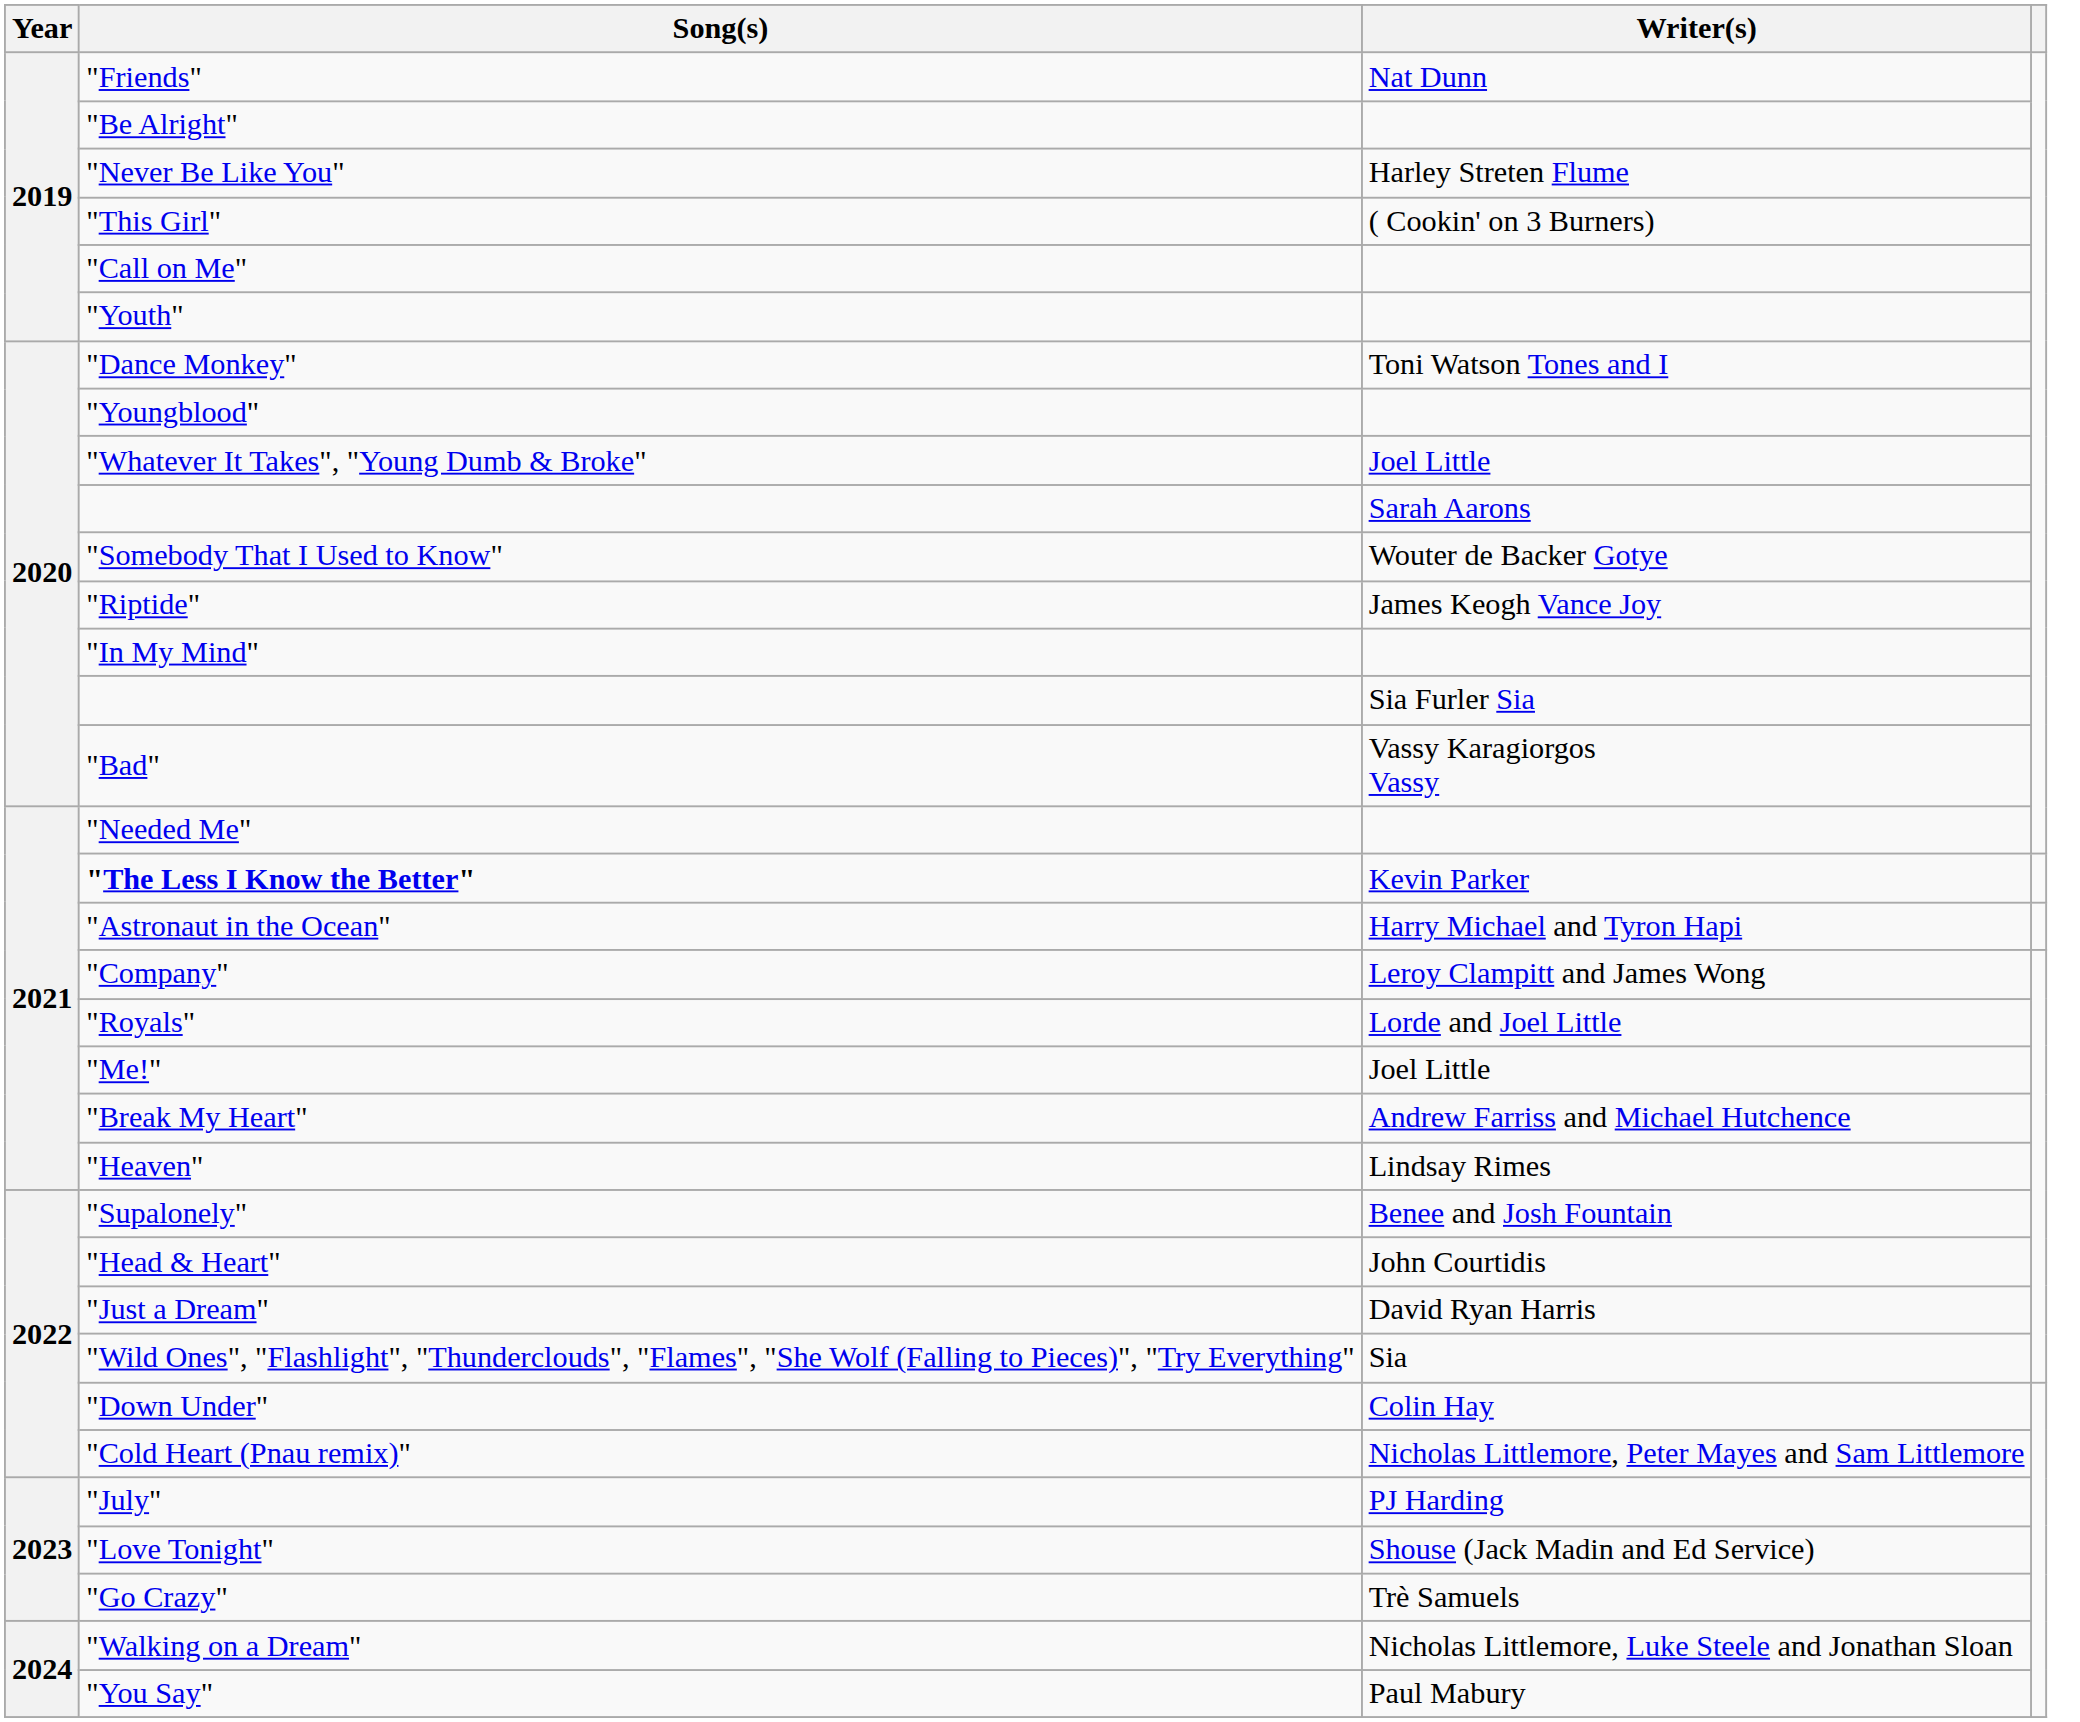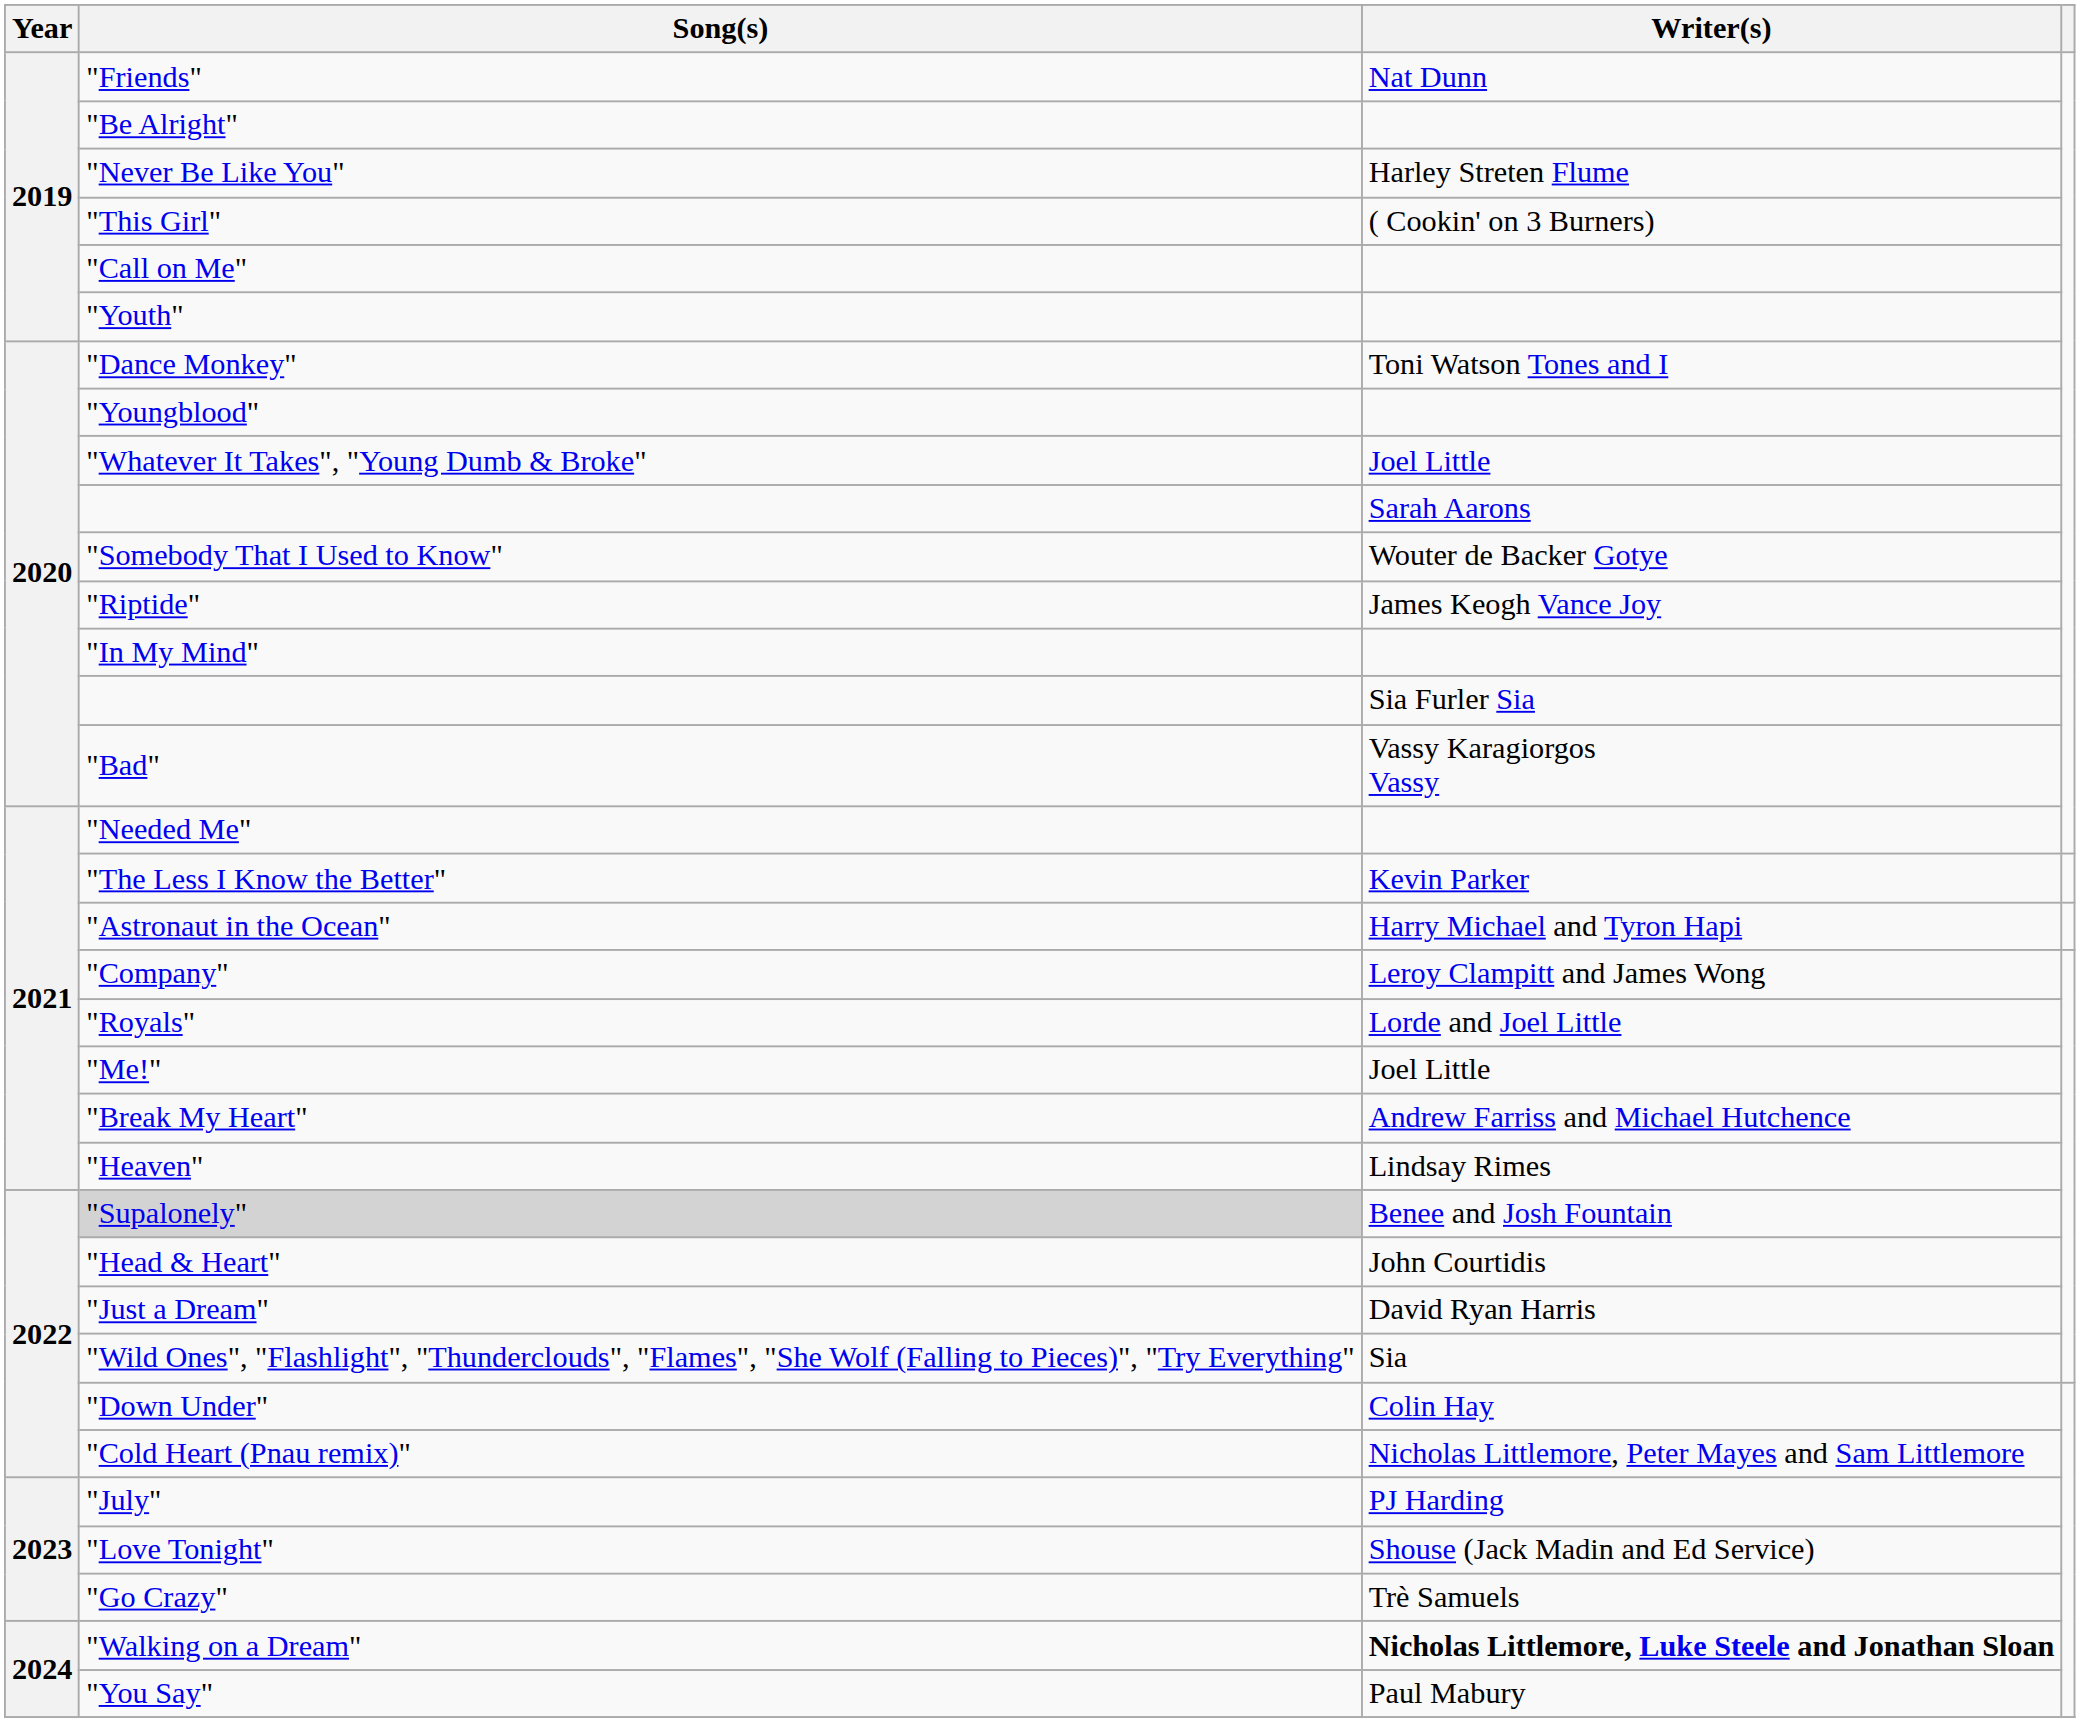 <table class="wikitable sortable">
 <tr>
 <th>Year</th>
 <th>Song(s)</th>
 <th>Writer(s)</th>
 <th class="unsortable"></th>
 </tr>
 <tr>
 <th align="center" rowspan="6">2019</th>
 <td>"<a href='#'>Friends</a>"</td>
 <td><a href='#'>Nat Dunn</a></td>
 <td rowspan="16"></td>
 </tr>
 <tr>
 <td>"<a href='#'>Be Alright</a>"</td>
 <td></td>
 </tr>
 <tr>
 <td>"<a href='#'>Never Be Like You</a>"</td>
 <td>Harley Streten  <a href='#'>Flume</a></td>
 </tr>
 <tr>
 <td>"<a href='#'>This Girl</a>"</td>
 <td> ( Cookin' on 3 Burners)</td>
 </tr>
 <tr>
 <td>"<a href='#'>Call on Me</a>"</td>
 <td></td>
 </tr>
 <tr>
 <td>"<a href='#'>Youth</a>"</td>
 <td></td>
 </tr>
 <tr>
 <th align="center" rowspan="9">2020</th>
 <td>"<a href='#'>Dance Monkey</a>"</td>
 <td>Toni Watson  <a href='#'>Tones and I</a></td>
 </tr>
 <tr>
 <td>"<a href='#'>Youngblood</a>"</td>
 <td></td>
 </tr>
 <tr>
 <td>"<a href='#'>Whatever It Takes</a>", "<a href='#'>Young Dumb & Broke</a>"</td>
 <td><a href='#'>Joel Little</a></td>
 </tr>
 <tr>
 <td></td>
 <td><a href='#'>Sarah Aarons</a></td>
 </tr>
 <tr>
 <td>"<a href='#'>Somebody That I Used to Know</a>"</td>
 <td>Wouter de Backer  <a href='#'>Gotye</a></td>
 </tr>
 <tr>
 <td>"<a href='#'>Riptide</a>"</td>
 <td>James Keogh  <a href='#'>Vance Joy</a></td>
 </tr>
 <tr>
 <td>"<a href='#'>In My Mind</a>"</td>
 <td></td>
 </tr>
 <tr>
 <td></td>
 <td>Sia Furler  <a href='#'>Sia</a></td>
 </tr>
 <tr>
 <td>"<a href='#'>Bad</a>"</td>
 <td>Vassy Karagiorgos<br> <a href='#'>Vassy</a></td>
 </tr>
 <tr>
 <th align="center" rowspan="8">2021</th>
 <td>"<a href='#'>Needed Me</a>"</td>
 <td></td>
 </tr>
 <tr>
-<td><strong>"<a href='#'>The Less I Know the Better</a>"</strong></td>
+<td>"<a href='#'>The Less I Know the Better</a>"</td>
 <td><a href='#'>Kevin Parker</a></td>
 <td></td>
 </tr>
 <tr>
 <td>"<a href='#'>Astronaut in the Ocean</a>"</td>
 <td><a href='#'>Harry Michael</a> and <a href='#'>Tyron Hapi</a></td>
 <td></td>
 </tr>
 <tr>
 <td>"<a href='#'>Company</a>"</td>
 <td><a href='#'>Leroy Clampitt</a> and James Wong</td>
 <td rowspan="9"></td>
 </tr>
 <tr>
 <td>"<a href='#'>Royals</a>"</td>
 <td><a href='#'>Lorde</a> and <a href='#'>Joel Little</a></td>
 </tr>
 <tr>
 <td>"<a href='#'>Me!</a>"</td>
 <td>Joel Little</td>
 </tr>
 <tr>
 <td>"<a href='#'>Break My Heart</a>"</td>
 <td><a href='#'>Andrew Farriss</a> and <a href='#'>Michael Hutchence</a></td>
 </tr>
 <tr>
 <td>"<a href='#'>Heaven</a>"</td>
 <td>Lindsay Rimes</td>
 </tr>
 <tr>
 <th align="center" rowspan="6">2022</th>
-<td>"<a href='#'>Supalonely</a>"</td>
+<td style="background: lightgrey;">"<a href='#'>Supalonely</a>"</td>
 <td><a href='#'>Benee</a> and <a href='#'>Josh Fountain</a></td>
 </tr>
 <tr>
 <td>"<a href='#'>Head & Heart</a>"</td>
 <td>John Courtidis</td>
 </tr>
 <tr>
 <td>"<a href='#'>Just a Dream</a>"</td>
 <td>David Ryan Harris</td>
 </tr>
 <tr>
 <td>"<a href='#'>Wild Ones</a>", "<a href='#'>Flashlight</a>", "<a href='#'>Thunderclouds</a>", "<a href='#'>Flames</a>", "<a href='#'>She Wolf (Falling to Pieces)</a>", "<a href='#'>Try Everything</a>"</td>
 <td>Sia</td>
 </tr>
 <tr>
 <td>"<a href='#'>Down Under</a>"</td>
 <td><a href='#'>Colin Hay</a></td>
 <td rowspan="7"></td>
 </tr>
 <tr>
 <td>"<a href='#'>Cold Heart (Pnau remix)</a>"</td>
 <td><a href='#'>Nicholas Littlemore</a>, <a href='#'>Peter Mayes</a> and <a href='#'>Sam Littlemore</a></td>
 </tr>
 <tr>
 <th align="center" rowspan="3">2023</th>
 <td>"<a href='#'>July</a>"</td>
 <td><a href='#'>PJ Harding</a></td>
 </tr>
 <tr>
 <td>"<a href='#'>Love Tonight</a>"</td>
 <td><a href='#'>Shouse</a> (Jack Madin and Ed Service)</td>
 </tr>
 <tr>
 <td>"<a href='#'>Go Crazy</a>"</td>
 <td>Trè Samuels</td>
 </tr>
 <tr>
 <th align="center" rowspan="2">2024</th>
 <td>"<a href='#'>Walking on a Dream</a>"</td>
-<td>Nicholas Littlemore, <a href='#'>Luke Steele</a> and Jonathan Sloan</td>
+<td><strong>Nicholas Littlemore, <a href='#'>Luke Steele</a> and Jonathan Sloan</strong></td>
 </tr>
 <tr>
 <td>"<a href='#'>You Say</a>"</td>
 <td>Paul Mabury</td>
 </tr>
 <tr>
 </tr>
 </table>
